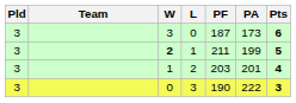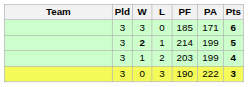 <table class="wikitable" style="text-align:center;">
 <tr>
+<th width=170>Team</th>
 <th width=25>Pld</th>
-<th width=170>Team</th>
 <th width=25>W</th>
 <th width=25>L</th>
 <th width=35>PF</th>
 <th width=35>PA</th>
 <th width=25>Pts</th>
 </tr>
 <tr bgcolor=#ccffcc>
-<td>3</td>
 <td align="left"></td>
 <td>3</td>
+<td>3</td>
 <td>0</td>
-<td>187</td>
-<td>173</td>
+<td>185</td>
+<td>171</td>
 <td><strong>6</strong></td>
 </tr>
 <tr bgcolor=#ccffcc>
+<td align="left"></td>
 <td>3</td>
-<td align="left"></td>
 <td><strong>2</strong></td>
 <td>1</td>
-<td>211</td>
+<td>214</td>
 <td>199</td>
 <td><strong>5</strong></td>
 </tr>
 <tr bgcolor=#ccffcc>
+<td align="left"></td>
 <td>3</td>
-<td align="left"></td>
 <td>1</td>
 <td>2</td>
 <td>203</td>
-<td>201</td>
+<td>199</td>
 <td><strong>4</strong></td>
 </tr>
 <tr bgcolor=#F4FA58>
+<td align="left"></td>
 <td>3</td>
-<td align="left"></td>
 <td>0</td>
 <td>3</td>
 <td>190</td>
 <td>222</td>
 <td><strong>3</strong></td>
 </tr>
 </table>
